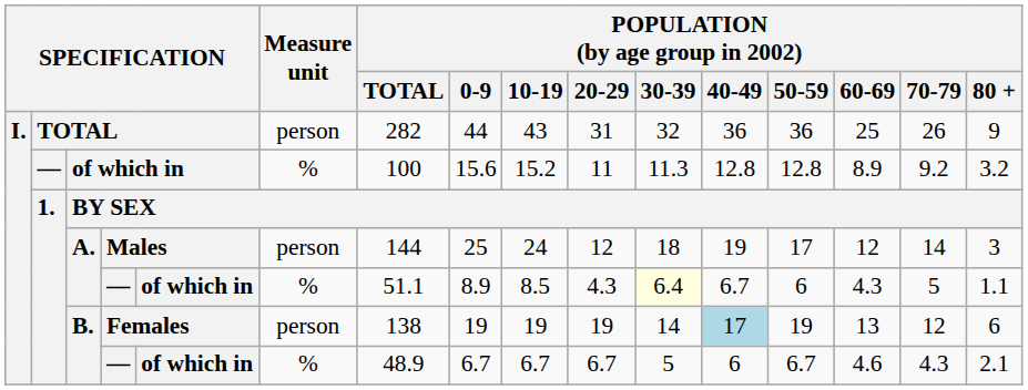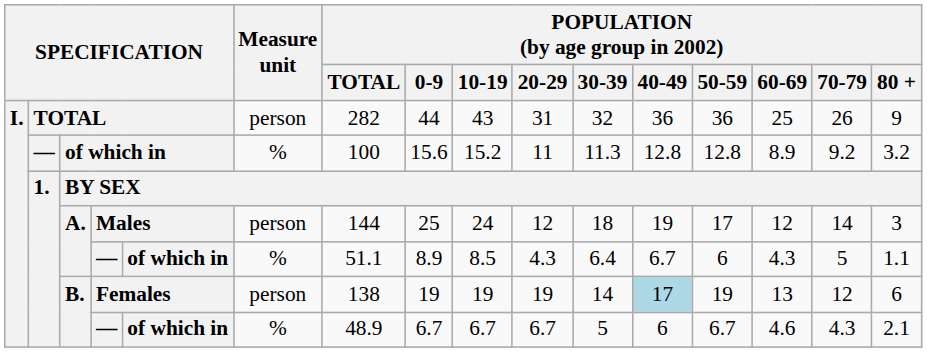 <table class="wikitable" style="font-size:85%; text-align:center">
 <tr>
 <th rowspan="2" colspan="5">SPECIFICATION</th>
 <th rowspan="2">Measure<br> unit</th>
 <th colspan="10" rowspan="1">POPULATION<br> (by age group in 2002)</th>
 </tr>
 <tr>
 <th>TOTAL</th>
 <th>0-9</th>
 <th>10-19</th>
 <th>20-29</th>
 <th>30-39</th>
 <th>40-49</th>
 <th>50-59</th>
 <th>60-69</th>
 <th>70-79</th>
 <th>80 +</th>
 </tr>
 <tr>
 <th style="text-align:left" valign="top" rowspan="7">I.</th>
 <th style="text-align:left" colspan="4">TOTAL</th>
 <td>person</td>
 <td>282</td>
 <td>44</td>
 <td>43</td>
 <td>31</td>
 <td>32</td>
 <td>36</td>
 <td>36</td>
 <td>25</td>
 <td>26</td>
 <td>9</td>
 </tr>
 <tr>
 <th style="text-align:left" valign="top">—</th>
 <th style="text-align:left" colspan="3">of which in</th>
 <td>%</td>
 <td>100</td>
 <td>15.6</td>
 <td>15.2</td>
 <td>11</td>
 <td>11.3</td>
 <td>12.8</td>
 <td>12.8</td>
 <td>8.9</td>
 <td>9.2</td>
 <td>3.2</td>
 </tr>
 <tr>
 <th style="text-align:left" valign="top" rowspan="5">1.</th>
 <th style="text-align:left" colspan="14">BY SEX</th>
 </tr>
 <tr>
 <th style="text-align:left" valign="top" rowspan="2">A.</th>
 <th style="text-align:left" colspan="2">Males</th>
 <td>person</td>
 <td>144</td>
 <td>25</td>
 <td>24</td>
 <td>12</td>
 <td>18</td>
 <td>19</td>
 <td>17</td>
 <td>12</td>
 <td>14</td>
 <td>3</td>
 </tr>
 <tr>
 <th style="text-align:left" valign="top">—</th>
 <th style="text-align:left" colspan="1">of which in</th>
 <td>%</td>
 <td>51.1</td>
 <td>8.9</td>
 <td>8.5</td>
 <td>4.3</td>
-<td style="background: lightyellow;">6.4</td>
+<td>6.4</td>
 <td>6.7</td>
 <td>6</td>
 <td>4.3</td>
 <td>5</td>
 <td>1.1</td>
 </tr>
 <tr>
 <th style="text-align:left" valign="top" rowspan="2">B.</th>
 <th style="text-align:left" colspan="2">Females</th>
 <td>person</td>
 <td>138</td>
 <td>19</td>
 <td>19</td>
 <td>19</td>
 <td>14</td>
 <td style="background: lightblue;">17</td>
 <td>19</td>
 <td>13</td>
 <td>12</td>
 <td>6</td>
 </tr>
 <tr>
 <th style="text-align:left" valign="top">—</th>
 <th style="text-align:left" colspan="1">of which in</th>
 <td>%</td>
 <td>48.9</td>
 <td>6.7</td>
 <td>6.7</td>
 <td>6.7</td>
 <td>5</td>
 <td>6</td>
 <td>6.7</td>
 <td>4.6</td>
 <td>4.3</td>
 <td>2.1</td>
 </tr>
 </table>
